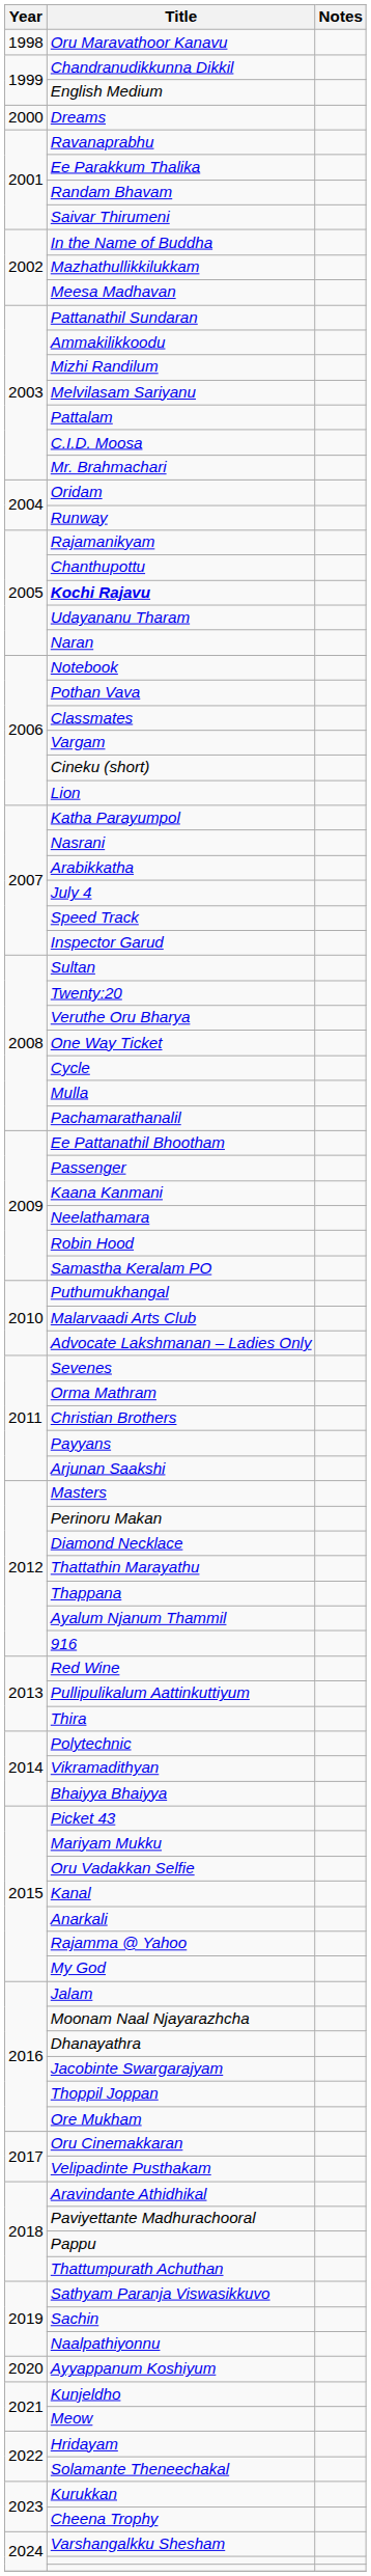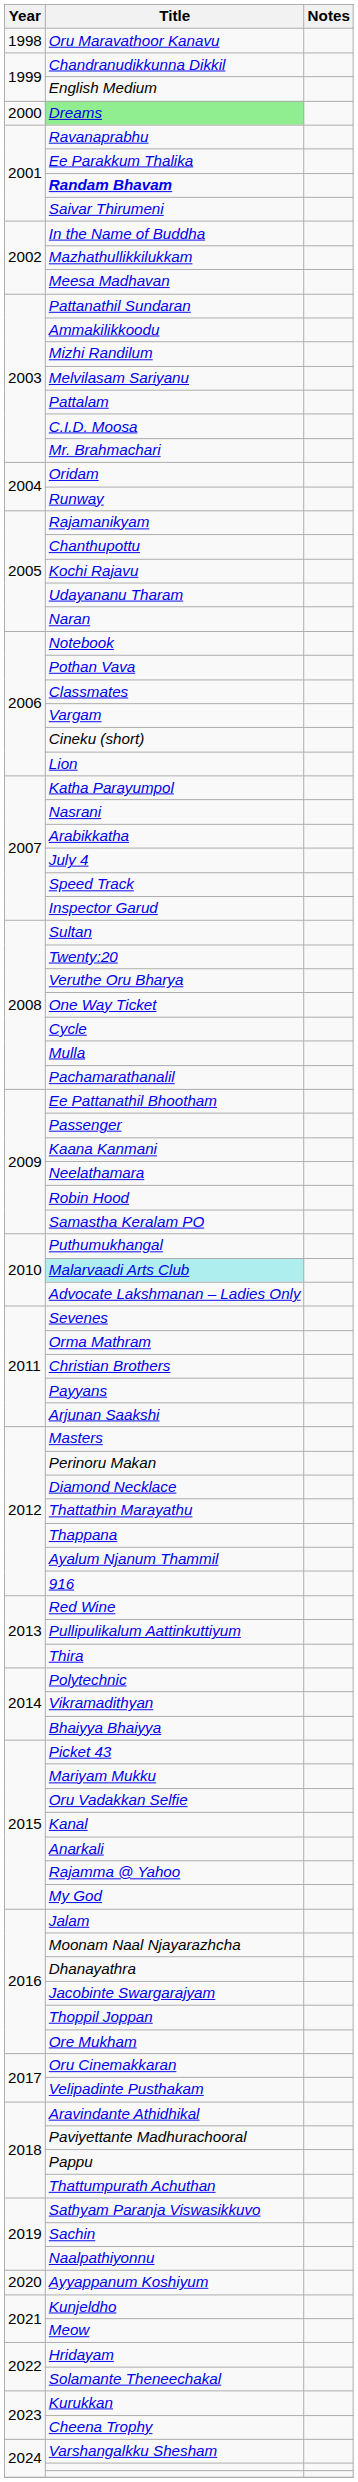 <table class="wikitable sortable">
 <tr>
 <th>Year</th>
 <th>Title</th>
 <th class="unsortable">Notes</th>
 </tr>
 <tr>
 <td>1998</td>
 <td><em><a href='#'>Oru Maravathoor Kanavu</a></em></td>
 <td></td>
 </tr>
 <tr>
 <td rowspan=2>1999</td>
 <td><em><a href='#'>Chandranudikkunna Dikkil</a></em></td>
 <td></td>
 </tr>
 <tr>
 <td><em>English Medium</em></td>
 <td></td>
 </tr>
 <tr>
 <td>2000</td>
-<td><em><a href='#'>Dreams</a></em></td>
+<td style="background: lightgreen;"><em><a href='#'>Dreams</a></em></td>
 <td></td>
 </tr>
 <tr>
 <td rowspan=4>2001</td>
 <td><em><a href='#'>Ravanaprabhu</a></em></td>
 <td></td>
 </tr>
 <tr>
 <td><em><a href='#'>Ee Parakkum Thalika</a></em></td>
 <td></td>
 </tr>
 <tr>
-<td><em><a href='#'>Randam Bhavam</a></em></td>
+<td><strong><em><a href='#'>Randam Bhavam</a></em></strong></td>
 <td></td>
 </tr>
 <tr>
 <td><em><a href='#'>Saivar Thirumeni</a></em></td>
 <td></td>
 </tr>
 <tr>
 <td rowspan=3>2002</td>
 <td><em><a href='#'>In the Name of Buddha</a></em></td>
 <td></td>
 </tr>
 <tr>
 <td><em><a href='#'>Mazhathullikkilukkam</a></em></td>
 <td></td>
 </tr>
 <tr>
 <td><em><a href='#'>Meesa Madhavan</a></em></td>
 <td></td>
 </tr>
 <tr>
 <td rowspan=7>2003</td>
 <td><em><a href='#'>Pattanathil Sundaran</a></em></td>
 <td></td>
 </tr>
 <tr>
 <td><em><a href='#'>Ammakilikkoodu</a></em></td>
 <td></td>
 </tr>
 <tr>
 <td><em><a href='#'>Mizhi Randilum</a></em></td>
 <td></td>
 </tr>
 <tr>
 <td><em><a href='#'>Melvilasam Sariyanu</a></em></td>
 <td></td>
 </tr>
 <tr>
 <td><em><a href='#'>Pattalam</a></em></td>
 <td></td>
 </tr>
 <tr>
 <td><em><a href='#'>C.I.D. Moosa</a></em></td>
 <td></td>
 </tr>
 <tr>
 <td><em><a href='#'>Mr. Brahmachari</a></em></td>
 <td></td>
 </tr>
 <tr>
 <td rowspan=2>2004</td>
 <td><em><a href='#'>Oridam</a></em></td>
 <td></td>
 </tr>
 <tr>
 <td><em><a href='#'>Runway</a></em></td>
 <td></td>
 </tr>
 <tr>
 <td rowspan=5>2005</td>
 <td><em><a href='#'>Rajamanikyam</a></em></td>
 <td></td>
 </tr>
 <tr>
 <td><em><a href='#'>Chanthupottu</a></em></td>
 <td></td>
 </tr>
 <tr>
-<td><strong><em><a href='#'>Kochi Rajavu</a></em></strong></td>
+<td><em><a href='#'>Kochi Rajavu</a></em></td>
 <td></td>
 </tr>
 <tr>
 <td><em><a href='#'>Udayananu Tharam</a></em></td>
 <td></td>
 </tr>
 <tr>
 <td><em><a href='#'>Naran</a></em></td>
 <td></td>
 </tr>
 <tr>
 <td rowspan=6>2006</td>
 <td><em><a href='#'>Notebook</a></em></td>
 <td></td>
 </tr>
 <tr>
 <td><em><a href='#'>Pothan Vava</a></em></td>
 <td></td>
 </tr>
 <tr>
 <td><em><a href='#'>Classmates</a></em></td>
 <td></td>
 </tr>
 <tr>
 <td><em><a href='#'>Vargam</a></em></td>
 <td></td>
 </tr>
 <tr>
 <td><em>Cineku (short)</em></td>
 <td></td>
 </tr>
 <tr>
 <td><em><a href='#'>Lion</a></em></td>
 <td></td>
 </tr>
 <tr>
 <td rowspan=6>2007</td>
 <td><em><a href='#'>Katha Parayumpol</a></em></td>
 <td></td>
 </tr>
 <tr>
 <td><em><a href='#'>Nasrani</a></em></td>
 <td></td>
 </tr>
 <tr>
 <td><em><a href='#'>Arabikkatha</a></em></td>
 <td></td>
 </tr>
 <tr>
 <td><em><a href='#'>July 4</a></em></td>
 <td></td>
 </tr>
 <tr>
 <td><em><a href='#'>Speed Track</a></em></td>
 <td></td>
 </tr>
 <tr>
 <td><em><a href='#'>Inspector Garud</a></em></td>
 <td></td>
 </tr>
 <tr>
 <td rowspan=7>2008</td>
 <td><em><a href='#'>Sultan</a></em></td>
 <td></td>
 </tr>
 <tr>
 <td><em><a href='#'>Twenty:20</a></em></td>
 <td></td>
 </tr>
 <tr>
 <td><em><a href='#'>Veruthe Oru Bharya</a></em></td>
 <td></td>
 </tr>
 <tr>
 <td><em><a href='#'>One Way Ticket</a></em></td>
 <td></td>
 </tr>
 <tr>
 <td><em><a href='#'>Cycle</a></em></td>
 <td></td>
 </tr>
 <tr>
 <td><em><a href='#'>Mulla</a></em></td>
 <td></td>
 </tr>
 <tr>
 <td><em><a href='#'>Pachamarathanalil</a></em></td>
 <td></td>
 </tr>
 <tr>
 <td rowspan=6>2009</td>
 <td><em><a href='#'>Ee Pattanathil Bhootham</a></em></td>
 <td></td>
 </tr>
 <tr>
 <td><em><a href='#'>Passenger</a></em></td>
 <td></td>
 </tr>
 <tr>
 <td><em><a href='#'>Kaana Kanmani</a></em></td>
 <td></td>
 </tr>
 <tr>
 <td><em><a href='#'>Neelathamara</a></em></td>
 <td></td>
 </tr>
 <tr>
 <td><em><a href='#'>Robin Hood</a></em></td>
 <td></td>
 </tr>
 <tr>
 <td><em><a href='#'>Samastha Keralam PO</a></em></td>
 <td></td>
 </tr>
 <tr>
 <td rowspan=3>2010</td>
 <td><em><a href='#'>Puthumukhangal</a></em></td>
 </tr>
 <tr>
-<td><em><a href='#'>Malarvaadi Arts Club</a></em></td>
+<td style="background: paleturquoise;"><em><a href='#'>Malarvaadi Arts Club</a></em></td>
 <td></td>
 </tr>
 <tr>
 <td><em><a href='#'>Advocate Lakshmanan – Ladies Only</a></em></td>
 <td></td>
 </tr>
 <tr>
 <td rowspan=5>2011</td>
 <td><em><a href='#'>Sevenes</a></em></td>
 </tr>
 <tr>
 <td><em><a href='#'>Orma Mathram</a></em></td>
 <td></td>
 </tr>
 <tr>
 <td><em><a href='#'>Christian Brothers</a></em></td>
 <td></td>
 </tr>
 <tr>
 <td><em><a href='#'>Payyans</a></em></td>
 <td></td>
 </tr>
 <tr>
 <td><em><a href='#'>Arjunan Saakshi</a></em></td>
 <td></td>
 </tr>
 <tr>
 <td rowspan=7>2012</td>
 <td><em><a href='#'>Masters</a></em></td>
 </tr>
 <tr>
 <td><em>Perinoru Makan</em></td>
 <td></td>
 </tr>
 <tr>
 <td><em><a href='#'>Diamond Necklace</a></em></td>
 <td></td>
 </tr>
 <tr>
 <td><em><a href='#'>Thattathin Marayathu</a></em></td>
 <td></td>
 </tr>
 <tr>
 <td><em><a href='#'>Thappana</a></em></td>
 <td></td>
 </tr>
 <tr>
 <td><em><a href='#'>Ayalum Njanum Thammil</a></em></td>
 <td></td>
 </tr>
 <tr>
 <td><em><a href='#'>916</a></em></td>
 <td></td>
 </tr>
 <tr>
 <td rowspan=3>2013</td>
 <td><em><a href='#'>Red Wine</a></em></td>
 </tr>
 <tr>
 <td><em><a href='#'>Pullipulikalum Aattinkuttiyum</a></em></td>
 <td></td>
 </tr>
 <tr>
 <td><em><a href='#'>Thira</a></em></td>
 <td></td>
 </tr>
 <tr>
 <td rowspan=3>2014</td>
 <td><em><a href='#'>Polytechnic</a></em></td>
 </tr>
 <tr>
 <td><em><a href='#'>Vikramadithyan</a></em></td>
 <td></td>
 </tr>
 <tr>
 <td><em><a href='#'>Bhaiyya Bhaiyya</a></em></td>
 <td></td>
 </tr>
 <tr>
 <td rowspan=7>2015</td>
 <td><em><a href='#'>Picket 43</a></em></td>
 </tr>
 <tr>
 <td><em><a href='#'>Mariyam Mukku</a></em></td>
 <td></td>
 </tr>
 <tr>
 <td><em><a href='#'>Oru Vadakkan Selfie</a></em></td>
 <td></td>
 </tr>
 <tr>
 <td><em><a href='#'>Kanal</a></em></td>
 <td></td>
 </tr>
 <tr>
 <td><em><a href='#'>Anarkali</a></em></td>
 <td></td>
 </tr>
 <tr>
 <td><em><a href='#'>Rajamma @ Yahoo</a></em></td>
 <td></td>
 </tr>
 <tr>
 <td><em><a href='#'>My God</a></em></td>
 <td></td>
 </tr>
 <tr>
 <td rowspan=6>2016</td>
 <td><em><a href='#'>Jalam</a></em></td>
 </tr>
 <tr>
 <td><em>Moonam Naal Njayarazhcha</em></td>
 <td></td>
 </tr>
 <tr>
 <td><em>Dhanayathra</em></td>
 <td></td>
 </tr>
 <tr>
 <td><em><a href='#'>Jacobinte Swargarajyam</a></em></td>
 <td></td>
 </tr>
 <tr>
 <td><em><a href='#'>Thoppil Joppan</a></em></td>
 <td></td>
 </tr>
 <tr>
 <td><em><a href='#'>Ore Mukham</a></em></td>
 <td></td>
 </tr>
 <tr>
 <td rowspan=2>2017</td>
 <td><em><a href='#'>Oru Cinemakkaran</a></em></td>
 </tr>
 <tr>
 <td><em><a href='#'>Velipadinte Pusthakam</a></em></td>
 <td></td>
 </tr>
 <tr>
 <td rowspan=4>2018</td>
 <td><em><a href='#'>Aravindante Athidhikal</a></em></td>
 </tr>
 <tr>
 <td><em>Paviyettante Madhurachooral</em></td>
 <td></td>
 </tr>
 <tr>
 <td><em>Pappu</em></td>
 <td></td>
 </tr>
 <tr>
 <td><em><a href='#'>Thattumpurath Achuthan</a></em></td>
 <td></td>
 </tr>
 <tr>
 <td rowspan=3>2019</td>
 <td><em><a href='#'>Sathyam Paranja Viswasikkuvo</a></em></td>
 </tr>
 <tr>
 <td><em><a href='#'>Sachin</a></em></td>
 <td></td>
 </tr>
 <tr>
 <td><em><a href='#'>Naalpathiyonnu</a></em></td>
 <td></td>
 </tr>
 <tr>
 <td>2020</td>
 <td><em><a href='#'>Ayyappanum Koshiyum</a></em></td>
 <td></td>
 </tr>
 <tr>
 <td rowspan=2>2021</td>
 <td><em><a href='#'>Kunjeldho</a></em></td>
 <td></td>
 </tr>
 <tr>
 <td><em><a href='#'>Meow</a></em></td>
 <td></td>
 </tr>
 <tr>
 <td rowspan=2>2022</td>
 <td><em><a href='#'>Hridayam</a></em></td>
 <td></td>
 </tr>
 <tr>
 <td><em><a href='#'>Solamante Theneechakal</a></em></td>
 <td></td>
 </tr>
 <tr>
 <td rowspan=2>2023</td>
 <td><em><a href='#'>Kurukkan</a></em></td>
 <td></td>
 </tr>
 <tr>
 <td><em><a href='#'>Cheena Trophy</a></em></td>
 <td></td>
 </tr>
 <tr>
 <td rowspan=3>2024</td>
 <td><em><a href='#'>Varshangalkku Shesham</a></em></td>
 <td></td>
 </tr>
 <tr>
 <td></td>
 <td></td>
 </tr>
 <tr>
 <td></td>
 <td></td>
 </tr>
 <tr>
 </tr>
 </table>
